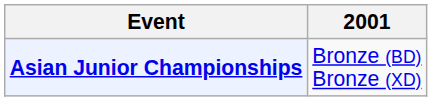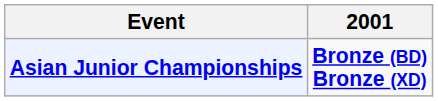 <table style='font-size: 90%; text-align:center;' class='wikitable'>
 <tr>
 <th>Event</th>
 <th>2001</th>
 </tr>
 <tr>
 <td bgcolor="#ECF2FF"; align="left"><strong><a href='#'>Asian Junior Championships</a></strong></td>
-<td> <a href='#'>Bronze <small>(BD)</small></a> <br>  <a href='#'>Bronze <small>(XD)</small></a></td>
+<td><strong> <a href='#'>Bronze <small>(BD)</small></a> <br>  <a href='#'>Bronze <small>(XD)</small></a></strong></td>
 </tr>
 </table>
